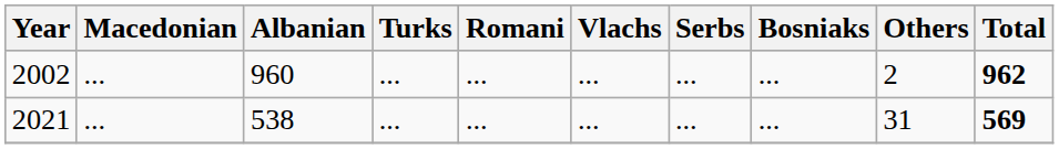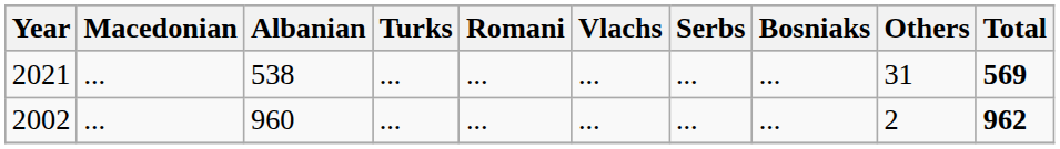 <table class="wikitable">
 <tr>
 <th>Year</th>
 <th>Macedonian</th>
 <th>Albanian</th>
 <th>Turks</th>
 <th>Romani</th>
 <th>Vlachs</th>
 <th>Serbs</th>
 <th>Bosniaks</th>
 <th><abbr>Others</abbr></th>
 <th>Total</th>
 </tr>
 <tr>
+<td>2021</td>
+<td>...</td>
+<td>538</td>
+<td>...</td>
+<td>...</td>
+<td>...</td>
+<td>...</td>
+<td>...</td>
+<td>31</td>
+<td><strong>569</strong></td>
+</tr>
+<tr>
 <td>2002</td>
 <td>...</td>
 <td>960</td>
 <td>...</td>
 <td>...</td>
 <td>...</td>
 <td>...</td>
 <td>...</td>
 <td>2</td>
 <td><strong>962</strong></td>
 </tr>
 <tr>
-<td>2021</td>
-<td>...</td>
-<td>538</td>
-<td>...</td>
-<td>...</td>
-<td>...</td>
-<td>...</td>
-<td>...</td>
-<td>31</td>
-<td><strong>569</strong></td>
-</tr>
-<tr>
 </tr>
 </table>
